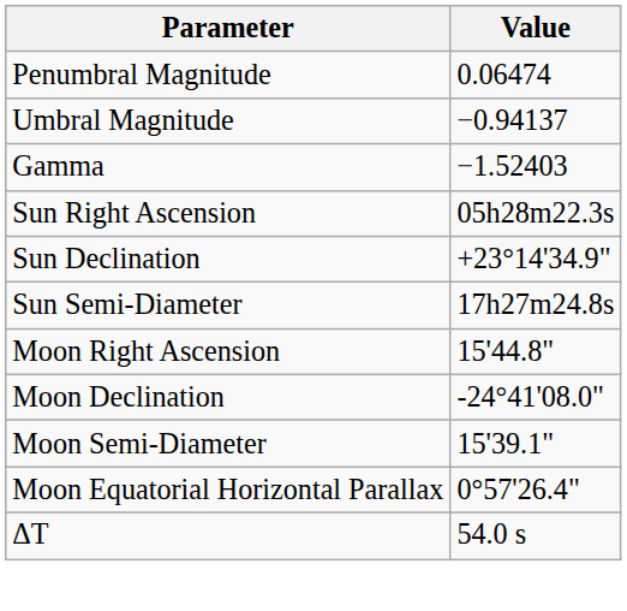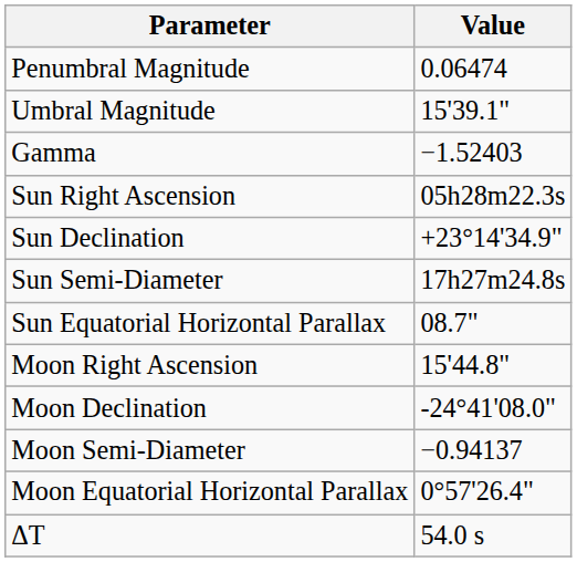 <table class="wikitable">
 <tr>
 <th>Parameter</th>
 <th>Value</th>
 </tr>
 <tr>
 <td>Penumbral Magnitude</td>
 <td>0.06474</td>
 </tr>
 <tr>
 <td>Umbral Magnitude</td>
-<td>−0.94137</td>
+<td>15'39.1"</td>
 </tr>
 <tr>
 <td>Gamma</td>
 <td>−1.52403</td>
 </tr>
 <tr>
 <td>Sun Right Ascension</td>
 <td>05h28m22.3s</td>
 </tr>
 <tr>
 <td>Sun Declination</td>
 <td>+23°14'34.9"</td>
 </tr>
 <tr>
 <td>Sun Semi-Diameter</td>
 <td>17h27m24.8s</td>
 </tr>
 <tr>
+<td>Sun Equatorial Horizontal Parallax</td>
+<td>08.7"</td>
+</tr>
+<tr>
 <td>Moon Right Ascension</td>
 <td>15'44.8"</td>
 </tr>
 <tr>
 <td>Moon Declination</td>
 <td>-24°41'08.0"</td>
 </tr>
 <tr>
 <td>Moon Semi-Diameter</td>
-<td>15'39.1"</td>
+<td>−0.94137</td>
 </tr>
 <tr>
 <td>Moon Equatorial Horizontal Parallax</td>
 <td>0°57'26.4"</td>
 </tr>
 <tr>
 <td>ΔT</td>
 <td>54.0 s</td>
 </tr>
 </table>
